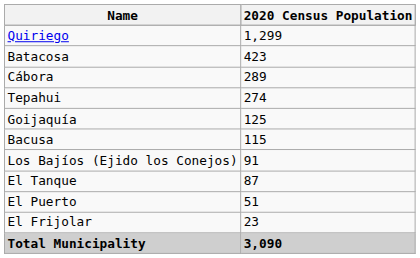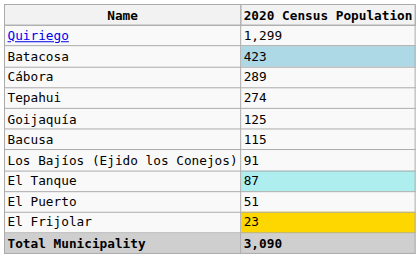 <table class="wikitable">
 <tr style="background:#000000; color:black;">
 <th><strong>Name</strong></th>
 <th><strong>2020 Census Population</strong></th>
 </tr>
 <tr>
 <td><a href='#'>Quiriego</a></td>
 <td>1,299</td>
 </tr>
 <tr>
 <td>Batacosa</td>
-<td>423</td>
+<td style="background: lightblue;">423</td>
 </tr>
 <tr>
 <td>Cábora</td>
 <td>289</td>
 </tr>
 <tr>
 <td>Tepahui</td>
 <td>274</td>
 </tr>
 <tr>
 <td>Goijaquía</td>
 <td>125</td>
 </tr>
 <tr>
 <td>Bacusa</td>
 <td>115</td>
 </tr>
 <tr>
 <td>Los Bajíos (Ejido los Conejos)</td>
 <td>91</td>
 </tr>
 <tr>
 <td>El Tanque</td>
-<td>87</td>
+<td style="background: paleturquoise;">87</td>
 </tr>
 <tr>
 <td>El Puerto</td>
 <td>51</td>
 </tr>
 <tr>
 <td>El Frijolar</td>
-<td>23</td>
+<td style="background: gold;">23</td>
 </tr>
 <tr style="background:#CFCFCF;">
 <td><strong>Total Municipality</strong></td>
 <td><strong>3,090</strong></td>
 </tr>
 </table>
